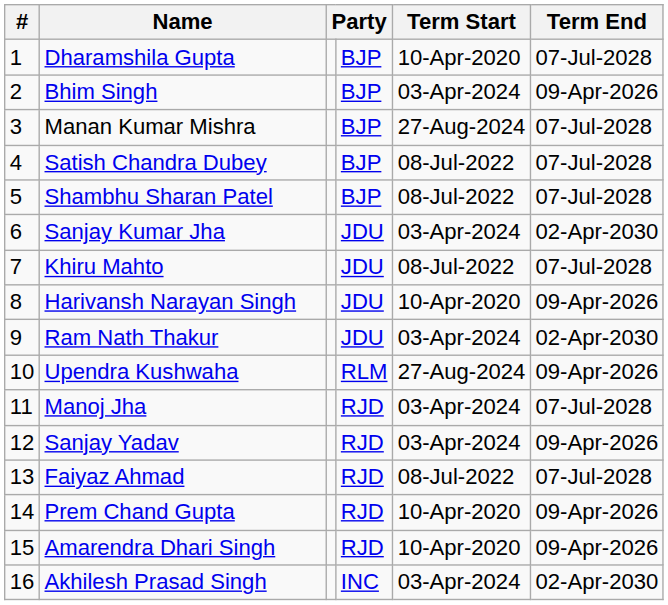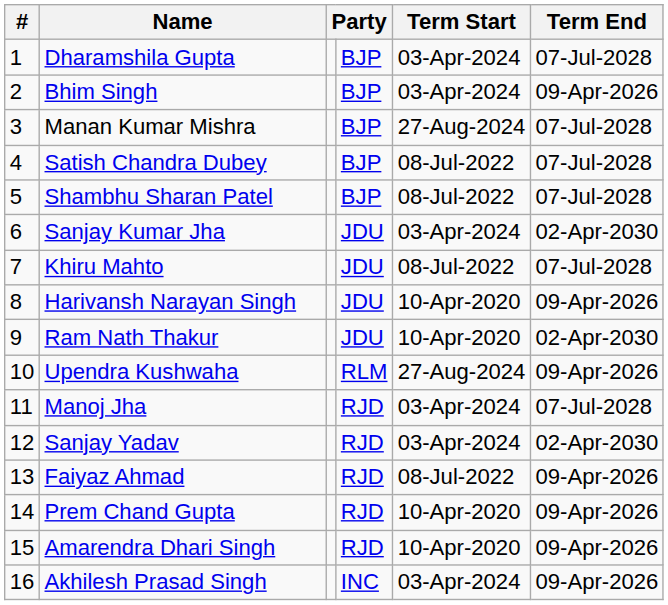 <table class="wikitable sortable">
 <tr>
 <th>#</th>
 <th style="width:200px">Name</th>
 <th colspan="2">Party</th>
 <th>Term Start</th>
 <th>Term End</th>
 </tr>
 <tr>
 <td>1</td>
 <td><a href='#'>Dharamshila Gupta</a></td>
 <td style="background-color: "></td>
 <td><a href='#'>BJP</a></td>
-<td>10-Apr-2020</td>
+<td>03-Apr-2024</td>
 <td>07-Jul-2028</td>
 </tr>
 <tr>
 <td>2</td>
 <td><a href='#'>Bhim Singh</a></td>
 <td style="background-color: "></td>
 <td><a href='#'>BJP</a></td>
 <td>03-Apr-2024</td>
 <td>09-Apr-2026</td>
 </tr>
 <tr>
 <td>3</td>
 <td>Manan Kumar Mishra</td>
 <td style="background-color: "></td>
 <td><a href='#'>BJP</a></td>
 <td>27-Aug-2024</td>
 <td>07-Jul-2028</td>
 </tr>
 <tr>
 <td>4</td>
 <td><a href='#'>Satish Chandra Dubey</a></td>
 <td style="background-color: "></td>
 <td><a href='#'>BJP</a></td>
 <td>08-Jul-2022</td>
 <td>07-Jul-2028</td>
 </tr>
 <tr>
 <td>5</td>
 <td><a href='#'>Shambhu Sharan Patel</a></td>
 <td style="background-color: "></td>
 <td><a href='#'>BJP</a></td>
 <td>08-Jul-2022</td>
 <td>07-Jul-2028</td>
 </tr>
 <tr>
 <td>6</td>
 <td><a href='#'>Sanjay Kumar Jha</a></td>
 <td style="background-color: "></td>
 <td><a href='#'>JDU</a></td>
 <td>03-Apr-2024</td>
 <td>02-Apr-2030</td>
 </tr>
 <tr>
 <td>7</td>
 <td><a href='#'>Khiru Mahto</a></td>
 <td style="background-color: "></td>
 <td><a href='#'>JDU</a></td>
 <td>08-Jul-2022</td>
 <td>07-Jul-2028</td>
 </tr>
 <tr>
 <td>8</td>
 <td><a href='#'>Harivansh Narayan Singh</a></td>
 <td style="background-color: "></td>
 <td><a href='#'>JDU</a></td>
 <td>10-Apr-2020</td>
 <td>09-Apr-2026</td>
 </tr>
 <tr>
 <td>9</td>
 <td><a href='#'>Ram Nath Thakur</a></td>
 <td style="background-color: "></td>
 <td><a href='#'>JDU</a></td>
-<td>03-Apr-2024</td>
+<td>10-Apr-2020</td>
 <td>02-Apr-2030</td>
 </tr>
 <tr>
 <td>10</td>
 <td><a href='#'>Upendra Kushwaha</a></td>
 <td style="background-color: "></td>
 <td><a href='#'>RLM</a></td>
 <td>27-Aug-2024</td>
 <td>09-Apr-2026</td>
 </tr>
 <tr>
 <td>11</td>
 <td><a href='#'>Manoj Jha</a></td>
 <td style="background-color: "></td>
 <td><a href='#'>RJD</a></td>
 <td>03-Apr-2024</td>
 <td>07-Jul-2028</td>
 </tr>
 <tr>
 <td>12</td>
 <td><a href='#'>Sanjay Yadav</a></td>
 <td style="background-color: "></td>
 <td><a href='#'>RJD</a></td>
 <td>03-Apr-2024</td>
-<td>09-Apr-2026</td>
+<td>02-Apr-2030</td>
 </tr>
 <tr>
 <td>13</td>
 <td><a href='#'>Faiyaz Ahmad</a></td>
 <td style="background-color: "></td>
 <td><a href='#'>RJD</a></td>
 <td>08-Jul-2022</td>
-<td>07-Jul-2028</td>
+<td>09-Apr-2026</td>
 </tr>
 <tr>
 <td>14</td>
 <td><a href='#'>Prem Chand Gupta</a></td>
 <td style="background-color: "></td>
 <td><a href='#'>RJD</a></td>
 <td>10-Apr-2020</td>
 <td>09-Apr-2026</td>
 </tr>
 <tr>
 <td>15</td>
 <td><a href='#'>Amarendra Dhari Singh</a></td>
 <td style="background-color: "></td>
 <td><a href='#'>RJD</a></td>
 <td>10-Apr-2020</td>
 <td>09-Apr-2026</td>
 </tr>
 <tr>
 <td>16</td>
 <td><a href='#'>Akhilesh Prasad Singh</a></td>
 <td style="background-color: "></td>
 <td><a href='#'>INC</a></td>
 <td>03-Apr-2024</td>
-<td>02-Apr-2030</td>
+<td>09-Apr-2026</td>
 </tr>
 </table>
